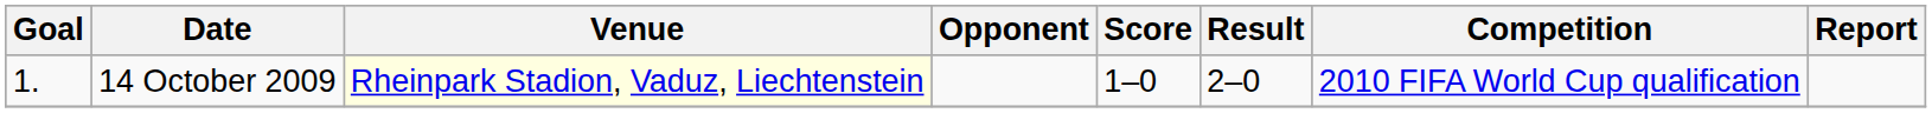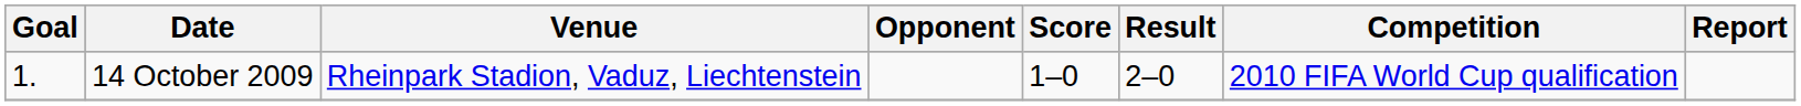 <table class="wikitable" style="font-size:100%">
 <tr>
 <th>Goal</th>
 <th>Date</th>
 <th>Venue</th>
 <th>Opponent</th>
 <th>Score</th>
 <th>Result</th>
 <th>Competition</th>
 <th>Report</th>
 </tr>
 <tr>
 <td>1.</td>
 <td>14 October 2009</td>
-<td style="background: lightyellow;"><a href='#'>Rheinpark Stadion</a>, <a href='#'>Vaduz</a>, <a href='#'>Liechtenstein</a></td>
+<td><a href='#'>Rheinpark Stadion</a>, <a href='#'>Vaduz</a>, <a href='#'>Liechtenstein</a></td>
 <td></td>
 <td>1–0</td>
 <td>2–0</td>
 <td><a href='#'>2010 FIFA World Cup qualification</a></td>
 <td></td>
 </tr>
 <tr>
 </tr>
 </table>
